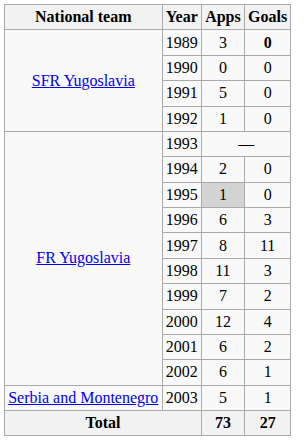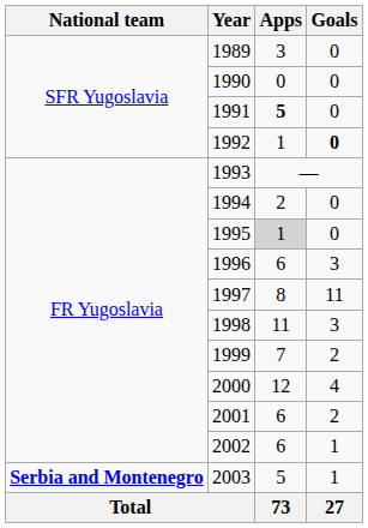 <table class="wikitable" style="text-align:center">
 <tr>
 <th>National team</th>
 <th>Year</th>
 <th>Apps</th>
 <th>Goals</th>
 </tr>
 <tr>
 <td rowspan="4"><a href='#'>SFR Yugoslavia</a></td>
 <td>1989</td>
 <td>3</td>
-<td><strong>0</strong></td>
+<td>0</td>
 </tr>
 <tr>
 <td>1990</td>
 <td>0</td>
 <td>0</td>
 </tr>
 <tr>
 <td>1991</td>
-<td>5</td>
+<td><strong>5</strong></td>
 <td>0</td>
 </tr>
 <tr>
 <td>1992</td>
 <td>1</td>
-<td>0</td>
+<td><strong>0</strong></td>
 </tr>
 <tr>
 <td rowspan="10"><a href='#'>FR Yugoslavia</a></td>
 <td>1993</td>
 <td colspan="2">—</td>
 </tr>
 <tr>
 <td>1994</td>
 <td>2</td>
 <td>0</td>
 </tr>
 <tr>
 <td>1995</td>
 <td style="background: lightgrey;">1</td>
 <td>0</td>
 </tr>
 <tr>
 <td>1996</td>
 <td>6</td>
 <td>3</td>
 </tr>
 <tr>
 <td>1997</td>
 <td>8</td>
 <td>11</td>
 </tr>
 <tr>
 <td>1998</td>
 <td>11</td>
 <td>3</td>
 </tr>
 <tr>
 <td>1999</td>
 <td>7</td>
 <td>2</td>
 </tr>
 <tr>
 <td>2000</td>
 <td>12</td>
 <td>4</td>
 </tr>
 <tr>
 <td>2001</td>
 <td>6</td>
 <td>2</td>
 </tr>
 <tr>
 <td>2002</td>
 <td>6</td>
 <td>1</td>
 </tr>
 <tr>
-<td><a href='#'>Serbia and Montenegro</a></td>
+<td><strong><a href='#'>Serbia and Montenegro</a></strong></td>
 <td>2003</td>
 <td>5</td>
 <td>1</td>
 </tr>
 <tr>
 <th colspan="2">Total</th>
 <th>73</th>
 <th>27</th>
 </tr>
 </table>
